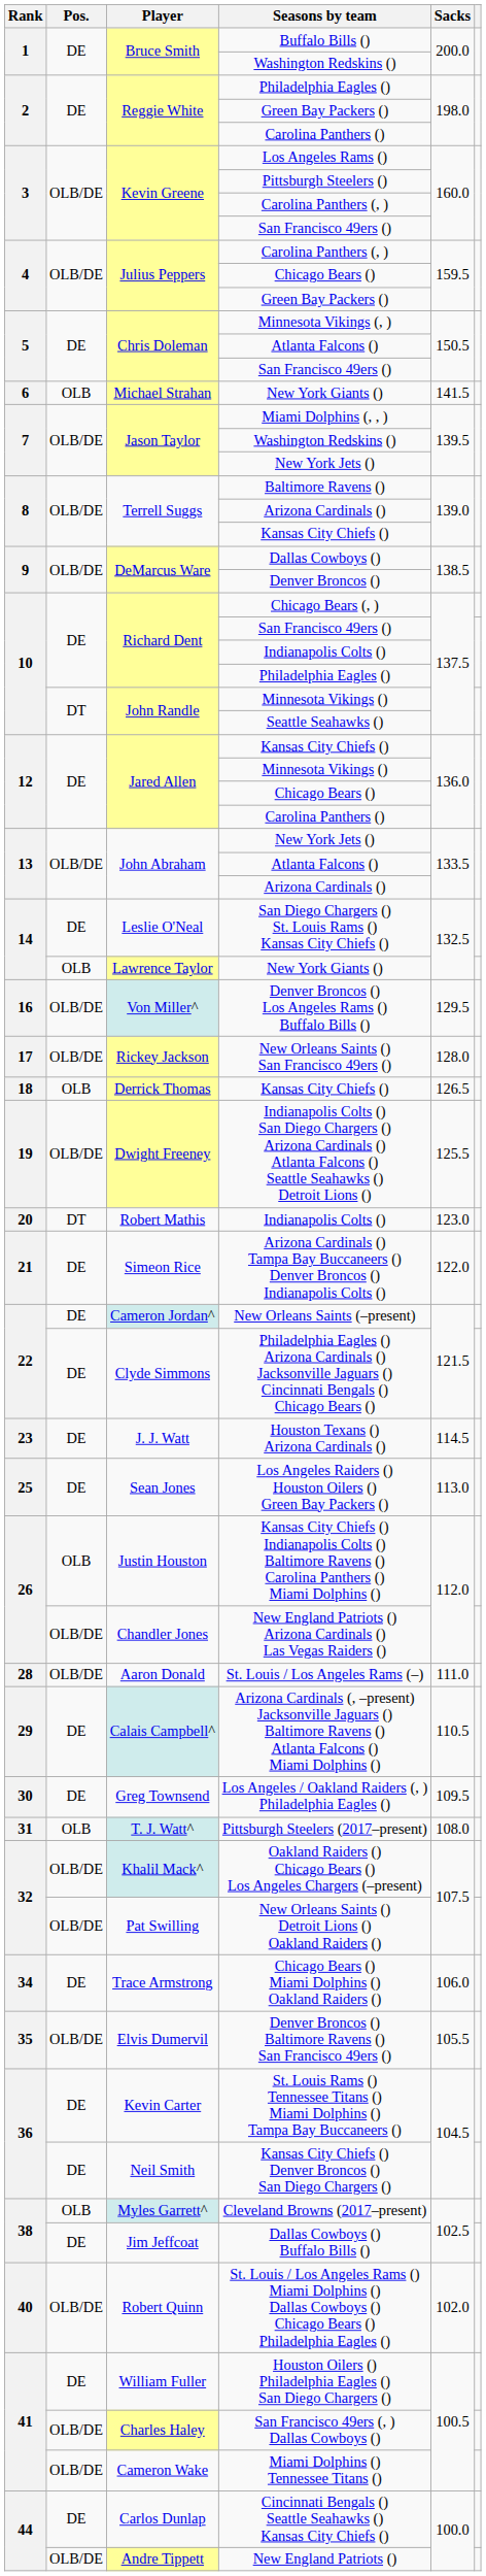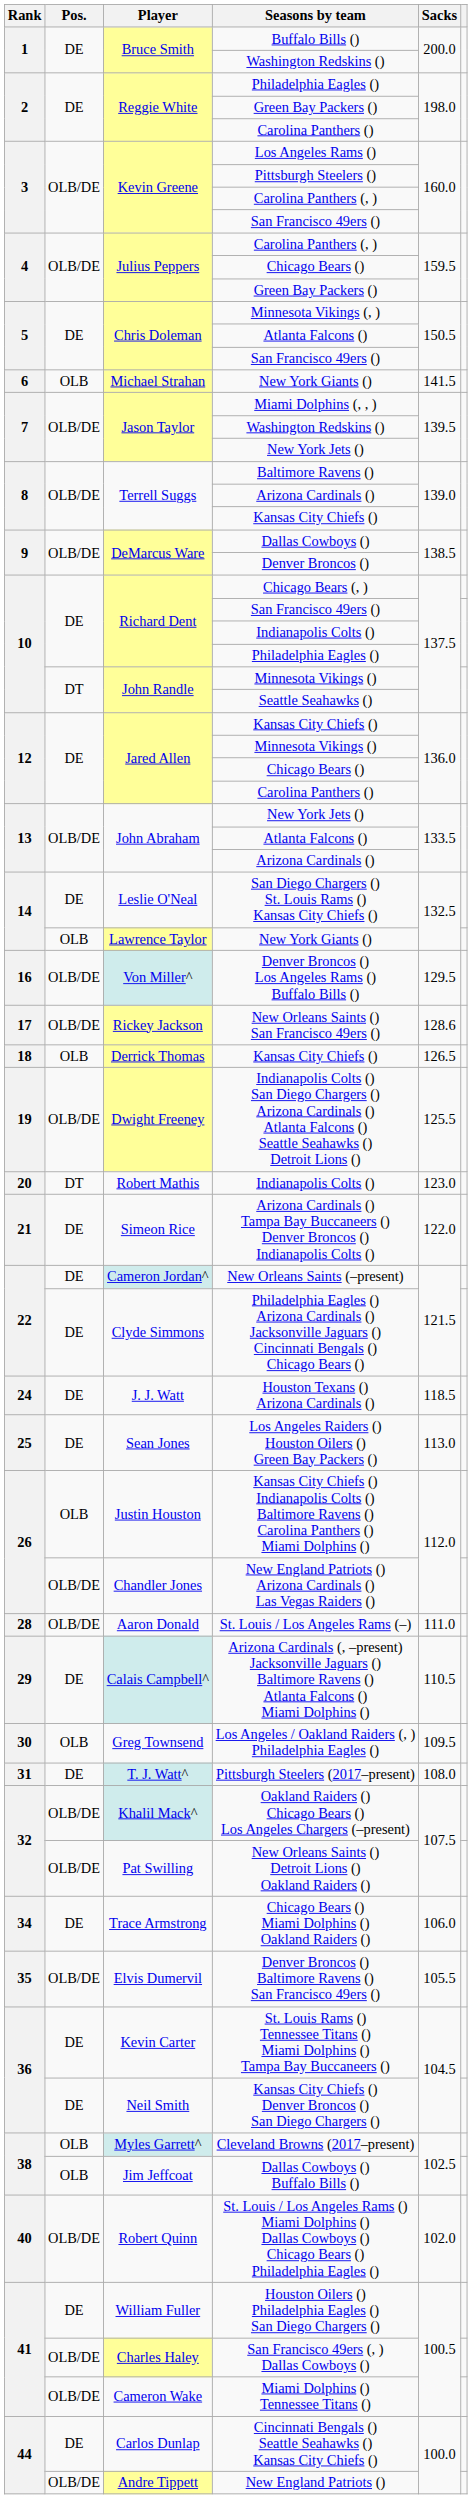 <table class="wikitable sortable " style="text-align:center;">
 <tr>
 <th scope=col>Rank</th>
 <th scope=col>Pos.</th>
 <th scope=col>Player</th>
 <th scope=col>Seasons by team</th>
 <th scope=col>Sacks</th>
 <th scope=col class="unsortable"></th>
 </tr>
 <tr>
 <th scope=rowgroup rowspan=2>1</th>
 <td rowspan=2>DE</td>
 <td rowspan=2 style="background-color:#FFFF99;"><a href='#'>Bruce Smith</a></td>
 <td><a href='#'>Buffalo Bills</a> ()</td>
 <td rowspan=2>200.0</td>
 <td rowspan=2></td>
 </tr>
 <tr>
 <td><a href='#'>Washington Redskins</a> ()</td>
 </tr>
 <tr>
 <th scope=rowgroup rowspan=3>2</th>
 <td rowspan=3>DE</td>
 <td rowspan=3 style="background-color:#FFFF99;"><a href='#'>Reggie White</a></td>
 <td><a href='#'>Philadelphia Eagles</a> ()</td>
 <td rowspan=3>198.0</td>
 <td rowspan=3></td>
 </tr>
 <tr>
 <td><a href='#'>Green Bay Packers</a> ()</td>
 </tr>
 <tr>
 <td><a href='#'>Carolina Panthers</a> ()</td>
 </tr>
 <tr>
 <th scope=rowgroup rowspan=4>3</th>
 <td rowspan=4>OLB/DE</td>
 <td rowspan=4 style="background-color:#FFFF99;"><a href='#'>Kevin Greene</a></td>
 <td><a href='#'>Los Angeles Rams</a> ()</td>
 <td rowspan=4>160.0</td>
 <td rowspan=4></td>
 </tr>
 <tr>
 <td><a href='#'>Pittsburgh Steelers</a> ()</td>
 </tr>
 <tr>
 <td><a href='#'>Carolina Panthers</a> (, )</td>
 </tr>
 <tr>
 <td><a href='#'>San Francisco 49ers</a> ()</td>
 </tr>
 <tr>
 <th scope=rowgroup rowspan=3>4</th>
 <td rowspan=3>OLB/DE</td>
 <td rowspan=3 style="background-color:#FFFF99;"><a href='#'>Julius Peppers</a></td>
 <td><a href='#'>Carolina Panthers</a> (, )</td>
 <td rowspan=3>159.5</td>
 <td rowspan=3></td>
 </tr>
 <tr>
 <td><a href='#'>Chicago Bears</a> ()</td>
 </tr>
 <tr>
 <td><a href='#'>Green Bay Packers</a> ()</td>
 </tr>
 <tr>
 <th scope=rowgroup rowspan=3>5</th>
 <td rowspan=3>DE</td>
 <td rowspan=3 style="background-color:#FFFF99;"><a href='#'>Chris Doleman</a></td>
 <td><a href='#'>Minnesota Vikings</a> (, )</td>
 <td rowspan=3>150.5</td>
 <td rowspan=3></td>
 </tr>
 <tr>
 <td><a href='#'>Atlanta Falcons</a> ()</td>
 </tr>
 <tr>
 <td><a href='#'>San Francisco 49ers</a> ()</td>
 </tr>
 <tr>
 <th scope=row>6</th>
 <td>OLB</td>
 <td style="background-color:#FFFF99;"><a href='#'>Michael Strahan</a></td>
 <td><a href='#'>New York Giants</a> ()</td>
 <td>141.5</td>
 <td></td>
 </tr>
 <tr>
 <th scope=rowgroup rowspan=3>7</th>
 <td rowspan=3>OLB/DE</td>
 <td rowspan=3 style="background-color:#FFFF99;"><a href='#'>Jason Taylor</a></td>
 <td><a href='#'>Miami Dolphins</a> (, , )</td>
 <td rowspan=3>139.5</td>
 <td rowspan=3></td>
 </tr>
 <tr>
 <td><a href='#'>Washington Redskins</a> ()</td>
 </tr>
 <tr>
 <td><a href='#'>New York Jets</a> ()</td>
 </tr>
 <tr>
 <th scope=rowgroup rowspan=3>8</th>
 <td rowspan=3>OLB/DE</td>
 <td rowspan=3><a href='#'>Terrell Suggs</a></td>
 <td><a href='#'>Baltimore Ravens</a> ()</td>
 <td rowspan=3>139.0</td>
 <td rowspan=3></td>
 </tr>
 <tr>
 <td><a href='#'>Arizona Cardinals</a> ()</td>
 </tr>
 <tr>
 <td><a href='#'>Kansas City Chiefs</a> ()</td>
 </tr>
 <tr>
 <th scope=rowgroup rowspan=2>9</th>
 <td rowspan=2>OLB/DE</td>
 <td rowspan=2 style="background-color:#FFFF99;"><a href='#'>DeMarcus Ware</a></td>
 <td><a href='#'>Dallas Cowboys</a> ()</td>
 <td rowspan=2>138.5</td>
 <td rowspan=2></td>
 </tr>
 <tr>
 <td><a href='#'>Denver Broncos</a> ()</td>
 </tr>
 <tr>
 <th scope=rowgroup rowspan=6>10</th>
 <td rowspan=4>DE</td>
 <td rowspan=4 style="background-color:#FFFF99;"><a href='#'>Richard Dent</a></td>
 <td><a href='#'>Chicago Bears</a> (, )</td>
 <td rowspan=6>137.5</td>
 <td></td>
 </tr>
 <tr>
 <td><a href='#'>San Francisco 49ers</a> ()</td>
 </tr>
 <tr>
 <td><a href='#'>Indianapolis Colts</a> ()</td>
 </tr>
 <tr>
 <td><a href='#'>Philadelphia Eagles</a> ()</td>
 </tr>
 <tr>
 <td rowspan=2>DT</td>
 <td rowspan=2 style="background-color:#FFFF99;"><a href='#'>John Randle</a></td>
 <td><a href='#'>Minnesota Vikings</a> ()</td>
 <td rowspan=2></td>
 </tr>
 <tr>
 <td><a href='#'>Seattle Seahawks</a> ()</td>
 </tr>
 <tr>
 <th scope=rowgroup rowspan=4>12</th>
 <td rowspan=4>DE</td>
 <td rowspan=4 style="background-color:#FFFF99;"><a href='#'>Jared Allen</a></td>
 <td><a href='#'>Kansas City Chiefs</a> ()</td>
 <td rowspan=4>136.0</td>
 <td rowspan=4></td>
 </tr>
 <tr>
 <td><a href='#'>Minnesota Vikings</a> ()</td>
 </tr>
 <tr>
 <td><a href='#'>Chicago Bears</a> ()</td>
 </tr>
 <tr>
 <td><a href='#'>Carolina Panthers</a> ()</td>
 </tr>
 <tr>
 <th scope=rowgroup rowspan=3>13</th>
 <td rowspan=3>OLB/DE</td>
 <td rowspan=3><a href='#'>John Abraham</a></td>
 <td><a href='#'>New York Jets</a> ()</td>
 <td rowspan=3>133.5</td>
 <td rowspan=3></td>
 </tr>
 <tr>
 <td><a href='#'>Atlanta Falcons</a> ()</td>
 </tr>
 <tr>
 <td><a href='#'>Arizona Cardinals</a> ()</td>
 </tr>
 <tr>
 <th scope=rowgroup rowspan=2>14</th>
 <td>DE</td>
 <td><a href='#'>Leslie O'Neal</a></td>
 <td><a href='#'>San Diego Chargers</a> ()<br><a href='#'>St. Louis Rams</a> ()<br><a href='#'>Kansas City Chiefs</a> ()</td>
 <td rowspan=2>132.5</td>
 <td></td>
 </tr>
 <tr>
 <td>OLB</td>
 <td style="background-color:#FFFF99;"><a href='#'>Lawrence Taylor</a></td>
 <td><a href='#'>New York Giants</a> ()</td>
 <td></td>
 </tr>
 <tr>
 <th scope=rowgroup>16</th>
 <td>OLB/DE</td>
 <td style="background-color:#cfecec;"><a href='#'>Von Miller</a>^</td>
 <td><a href='#'>Denver Broncos</a> ()<br><a href='#'>Los Angeles Rams</a> ()<br> <a href='#'>Buffalo Bills</a> ()</td>
 <td>129.5</td>
 <td></td>
 </tr>
 <tr>
 <th scope=row>17</th>
 <td>OLB/DE</td>
 <td style="background-color:#FFFF99;"><a href='#'>Rickey Jackson</a></td>
 <td><a href='#'>New Orleans Saints</a> ()<br><a href='#'>San Francisco 49ers</a> ()</td>
-<td>128.0</td>
+<td>128.6</td>
 <td></td>
 </tr>
 <tr>
 <th scope=rowgroup>18</th>
 <td>OLB</td>
 <td style="background-color:#FFFF99;"><a href='#'>Derrick Thomas</a></td>
 <td><a href='#'>Kansas City Chiefs</a> ()</td>
 <td>126.5</td>
 <td></td>
 </tr>
 <tr>
 <th scope=row>19</th>
 <td>OLB/DE</td>
 <td style="background-color:#FFFF99;"><a href='#'>Dwight Freeney</a></td>
 <td><a href='#'>Indianapolis Colts</a> ()<br><a href='#'>San Diego Chargers</a> ()<br><a href='#'>Arizona Cardinals</a> ()<br><a href='#'>Atlanta Falcons</a> ()<br><a href='#'>Seattle Seahawks</a> ()<br><a href='#'>Detroit Lions</a> ()</td>
 <td>125.5</td>
 <td></td>
 </tr>
 <tr>
 <th scope=row>20</th>
 <td>DT</td>
 <td><a href='#'>Robert Mathis</a></td>
 <td><a href='#'>Indianapolis Colts</a> ()</td>
 <td>123.0</td>
 <td></td>
 </tr>
 <tr>
 <th scope=row>21</th>
 <td>DE</td>
 <td><a href='#'>Simeon Rice</a></td>
 <td><a href='#'>Arizona Cardinals</a> ()<br><a href='#'>Tampa Bay Buccaneers</a> ()<br><a href='#'>Denver Broncos</a> ()<br><a href='#'>Indianapolis Colts</a> ()</td>
 <td>122.0</td>
 <td></td>
 </tr>
 <tr>
 <th scope=rowgroup rowspan=2>22</th>
 <td>DE</td>
 <td style="background-color:#cfecec;"><a href='#'>Cameron Jordan</a>^</td>
 <td><a href='#'>New Orleans Saints</a> (–present)</td>
 <td rowspan=2>121.5</td>
 <td></td>
 </tr>
 <tr>
 <td>DE</td>
 <td><a href='#'>Clyde Simmons</a></td>
 <td><a href='#'>Philadelphia Eagles</a> ()<br><a href='#'>Arizona Cardinals</a> ()<br><a href='#'>Jacksonville Jaguars</a> ()<br><a href='#'>Cincinnati Bengals</a> ()<br><a href='#'>Chicago Bears</a> ()</td>
 <td></td>
 </tr>
 <tr>
-<th scope=row>23</th>
+<th scope=row>24</th>
 <td>DE</td>
 <td><a href='#'>J. J. Watt</a></td>
 <td><a href='#'>Houston Texans</a> ()<br><a href='#'>Arizona Cardinals</a> ()</td>
-<td>114.5</td>
+<td>118.5</td>
 <td></td>
 </tr>
 <tr>
 <th scope=row>25</th>
 <td>DE</td>
 <td><a href='#'>Sean Jones</a></td>
 <td><a href='#'>Los Angeles Raiders</a> ()<br><a href='#'>Houston Oilers</a> ()<br><a href='#'>Green Bay Packers</a> ()</td>
 <td>113.0</td>
 <td></td>
 </tr>
 <tr>
 <th scope=rowgroup rowspan=2>26</th>
 <td>OLB</td>
 <td><a href='#'>Justin Houston</a></td>
 <td><a href='#'>Kansas City Chiefs</a> ()<br><a href='#'>Indianapolis Colts</a> ()<br><a href='#'>Baltimore Ravens</a> ()<br><a href='#'>Carolina Panthers</a> ()<br><a href='#'>Miami Dolphins</a> ()</td>
 <td rowspan=2>112.0</td>
 <td></td>
 </tr>
 <tr>
 <td>OLB/DE</td>
 <td><a href='#'>Chandler Jones</a></td>
 <td><a href='#'>New England Patriots</a> ()<br><a href='#'>Arizona Cardinals</a> ()<br><a href='#'>Las Vegas Raiders</a> ()</td>
 <td></td>
 </tr>
 <tr>
 <th scope=row>28</th>
 <td>OLB/DE</td>
 <td><a href='#'>Aaron Donald</a></td>
 <td><a href='#'>St. Louis / Los Angeles Rams</a> (–)</td>
 <td>111.0</td>
 <td></td>
 </tr>
 <tr>
 <th scope=row>29</th>
 <td>DE</td>
 <td style="background-color:#cfecec;"><a href='#'>Calais Campbell</a>^</td>
 <td><a href='#'>Arizona Cardinals</a> (, –present)<br><a href='#'>Jacksonville Jaguars</a> ()<br><a href='#'>Baltimore Ravens</a> ()<br><a href='#'>Atlanta Falcons</a> ()<br><a href='#'>Miami Dolphins</a> ()</td>
 <td>110.5</td>
 <td></td>
 </tr>
 <tr>
 <th scope=row>30</th>
-<td>DE</td>
+<td>OLB</td>
 <td><a href='#'>Greg Townsend</a></td>
 <td><a href='#'>Los Angeles / Oakland Raiders</a> (, )<br><a href='#'>Philadelphia Eagles</a> ()</td>
 <td>109.5</td>
 <td></td>
 </tr>
 <tr>
 <th scope=row>31</th>
-<td>OLB</td>
+<td>DE</td>
 <td style="background-color:#cfecec;"><a href='#'>T. J. Watt</a>^</td>
 <td><a href='#'>Pittsburgh Steelers</a> (<a href='#'>2017</a>–present)</td>
 <td>108.0</td>
 <td></td>
 </tr>
 <tr>
 <th scope=rowgroup rowspan=2>32</th>
 <td>OLB/DE</td>
 <td style="background-color:#cfecec;"><a href='#'>Khalil Mack</a>^</td>
 <td><a href='#'>Oakland Raiders</a> ()<br> <a href='#'>Chicago Bears</a> ()<br> <a href='#'>Los Angeles Chargers</a> (–present)</td>
 <td rowspan=2>107.5</td>
 <td></td>
 </tr>
 <tr>
 <td>OLB/DE</td>
 <td><a href='#'>Pat Swilling</a></td>
 <td><a href='#'>New Orleans Saints</a> ()<br><a href='#'>Detroit Lions</a> ()<br><a href='#'>Oakland Raiders</a> ()</td>
 <td></td>
 </tr>
 <tr>
 <th scope=row>34</th>
 <td>DE</td>
 <td><a href='#'>Trace Armstrong</a></td>
 <td><a href='#'>Chicago Bears</a> ()<br><a href='#'>Miami Dolphins</a> ()<br><a href='#'>Oakland Raiders</a> ()</td>
 <td>106.0</td>
 <td></td>
 </tr>
 <tr>
 <th scope=row>35</th>
 <td>OLB/DE</td>
 <td><a href='#'>Elvis Dumervil</a></td>
 <td><a href='#'>Denver Broncos</a> ()<br><a href='#'>Baltimore Ravens</a> ()<br><a href='#'>San Francisco 49ers</a> ()</td>
 <td>105.5</td>
 <td></td>
 </tr>
 <tr>
 <th scope=rowgroup rowspan=2>36</th>
 <td>DE</td>
 <td><a href='#'>Kevin Carter</a></td>
 <td><a href='#'>St. Louis Rams</a> ()<br><a href='#'>Tennessee Titans</a> ()<br><a href='#'>Miami Dolphins</a> ()<br><a href='#'>Tampa Bay Buccaneers</a> ()</td>
 <td rowspan=2>104.5</td>
 <td></td>
 </tr>
 <tr>
 <td>DE</td>
 <td><a href='#'>Neil Smith</a></td>
 <td><a href='#'>Kansas City Chiefs</a> ()<br><a href='#'>Denver Broncos</a> ()<br><a href='#'>San Diego Chargers</a> ()</td>
 <td></td>
 </tr>
 <tr>
 <th scope=rowgroup rowspan=2>38</th>
 <td>OLB</td>
 <td style="background-color:#cfecec;"><a href='#'>Myles Garrett</a>^</td>
 <td><a href='#'>Cleveland Browns</a> (<a href='#'>2017</a>–present)</td>
 <td rowspan=2>102.5</td>
 <td></td>
 </tr>
 <tr>
-<td>DE</td>
+<td>OLB</td>
 <td><a href='#'>Jim Jeffcoat</a></td>
 <td><a href='#'>Dallas Cowboys</a> ()<br><a href='#'>Buffalo Bills</a> ()</td>
 <td></td>
 </tr>
 <tr>
 <th scope=row>40</th>
 <td>OLB/DE</td>
 <td><a href='#'>Robert Quinn</a></td>
 <td><a href='#'>St. Louis / Los Angeles Rams</a> ()<br> <a href='#'>Miami Dolphins</a> () <br> <a href='#'>Dallas Cowboys</a> () <br> <a href='#'>Chicago Bears</a> () <br>  <a href='#'>Philadelphia Eagles</a> ()</td>
 <td>102.0</td>
 <td></td>
 </tr>
 <tr>
 <th scope=rowgroup rowspan=3>41</th>
 <td>DE</td>
 <td><a href='#'>William Fuller</a></td>
 <td><a href='#'>Houston Oilers</a> ()<br><a href='#'>Philadelphia Eagles</a> ()<br><a href='#'>San Diego Chargers</a> ()</td>
 <td rowspan=3>100.5</td>
 <td></td>
 </tr>
 <tr>
 <td>OLB/DE</td>
 <td style="background-color:#FFFF99;"><a href='#'>Charles Haley</a></td>
 <td><a href='#'>San Francisco 49ers</a> (, )<br><a href='#'>Dallas Cowboys</a> ()</td>
 <td></td>
 </tr>
 <tr>
 <td>OLB/DE</td>
 <td><a href='#'>Cameron Wake</a></td>
 <td><a href='#'>Miami Dolphins</a> ()<br> <a href='#'>Tennessee Titans</a> ()</td>
 <td></td>
 </tr>
 <tr>
 <th scope=rowgroup rowspan=3>44</th>
 <td>DE</td>
 <td><a href='#'>Carlos Dunlap</a></td>
 <td><a href='#'>Cincinnati Bengals</a> ()<br><a href='#'>Seattle Seahawks</a> ()<br><a href='#'>Kansas City Chiefs</a> ()</td>
 <td rowspan="3">100.0</td>
 <td></td>
 </tr>
 <tr>
 <td>OLB/DE</td>
 <td style="background-color:#FFFF99;"><a href='#'>Andre Tippett</a></td>
 <td><a href='#'>New England Patriots</a> ()</td>
 <td></td>
 </tr>
 </table>
